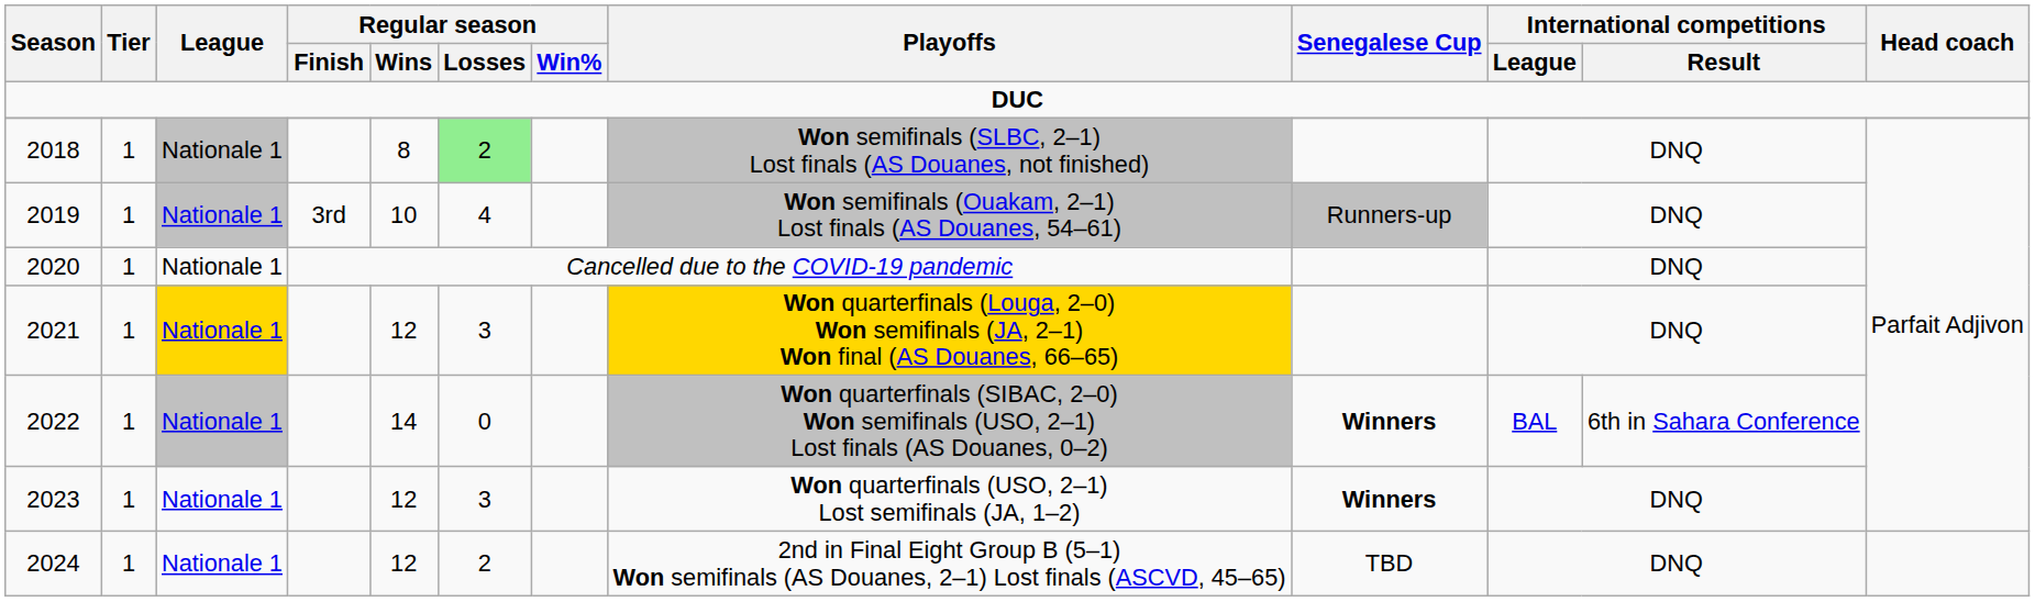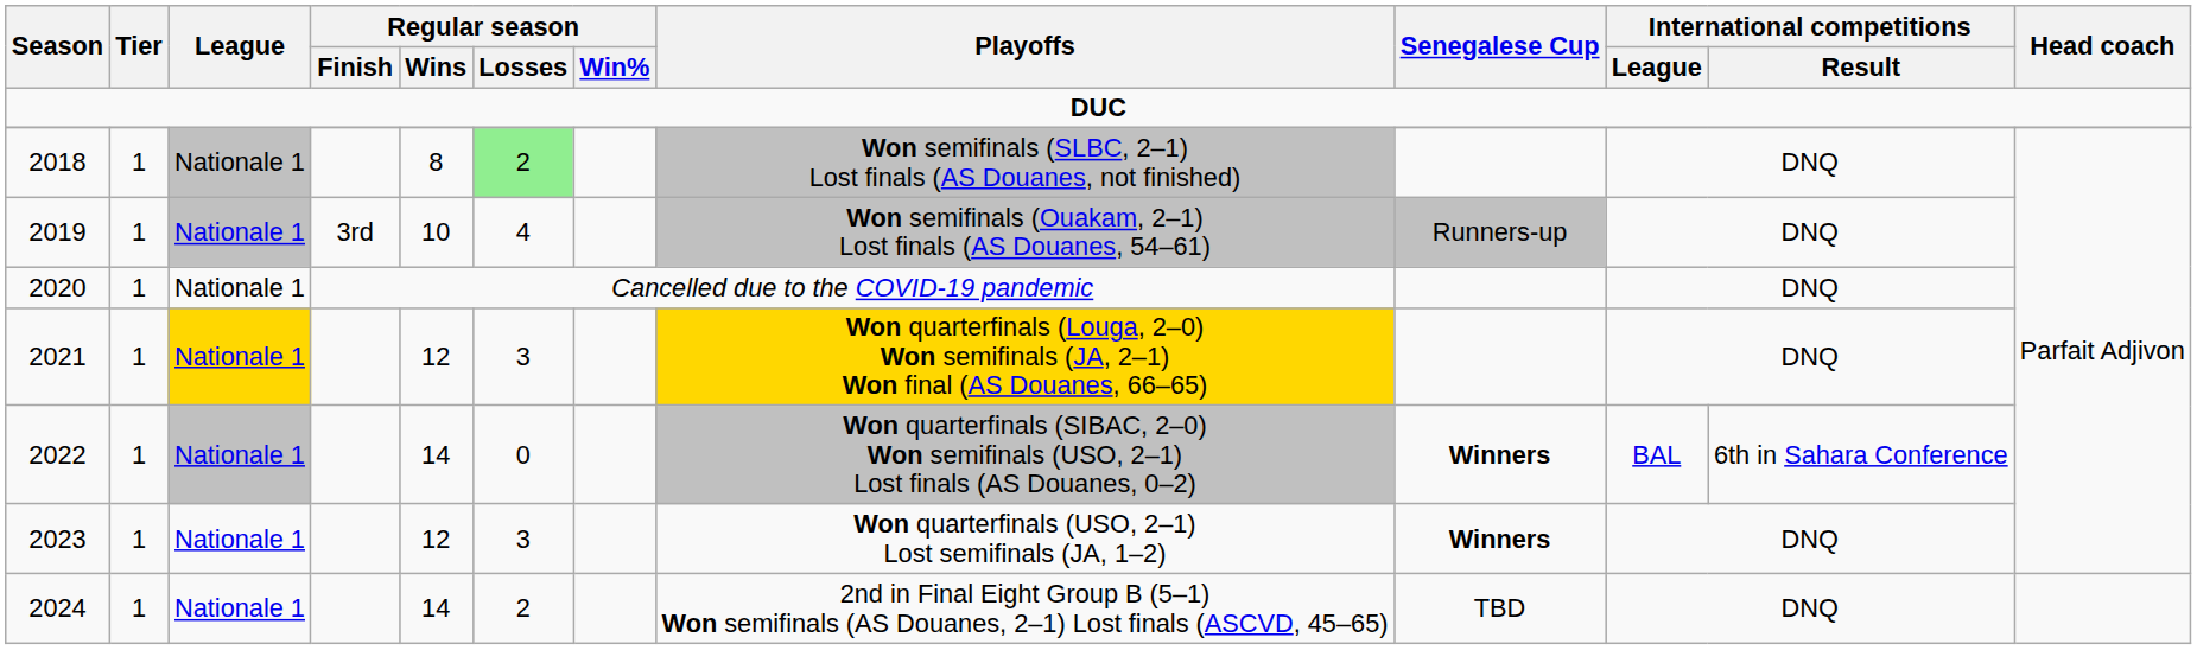 <table class="wikitable plainrowheaders" style="text-align:center; font-size:90%" summary="Season (sortable), Team, Conference, Conference finish (sortable), Division, Division finish (sortable), Wins (sortable), Losses (sortable), Win% (sortable), GB (sortable), Playoffs, Awards and Head coach">
 <tr>
 <th scope="col" rowspan=2>Season</th>
 <th scope="col" rowspan=2>Tier</th>
 <th scope="col" rowspan=2>League</th>
 <th colspan="4" scope="col">Regular season</th>
 <th scope="col" rowspan=2>Playoffs</th>
 <th scope="col" rowspan=2><a href='#'>Senegalese Cup</a></th>
 <th scope="col" colspan=2>International competitions</th>
 <th scope="col" rowspan=2>Head coach</th>
 </tr>
 <tr>
 <th scope="col">Finish</th>
 <th scope="col">Wins</th>
 <th scope="col">Losses</th>
 <th scope="col"><a href='#'>Win%</a></th>
 <th scope="col">League</th>
 <th scope="col">Result</th>
 </tr>
 <tr class="sortbottom">
 <td colspan="14" class=unsortable align=center><strong>DUC</strong></td>
 </tr>
 <tr>
 </tr>
 <tr>
 <td>2018</td>
 <td>1</td>
 <td bgcolor=silver>Nationale 1</td>
 <td></td>
 <td>8</td>
 <td style="background: lightgreen;">2</td>
 <td></td>
 <td bgcolor=silver><strong>Won</strong> semifinals (<a href='#'>SLBC</a>, 2–1)<br>Lost finals (<a href='#'>AS Douanes</a>, not finished)</td>
 <td></td>
 <td colspan=2>DNQ</td>
 <td rowspan="6">Parfait Adjivon</td>
 </tr>
 <tr>
 <td>2019</td>
 <td>1</td>
 <td bgcolor=silver><a href='#'>Nationale 1</a></td>
 <td>3rd</td>
 <td>10</td>
 <td>4</td>
 <td></td>
 <td bgcolor=silver><strong>Won</strong> semifinals (<a href='#'>Ouakam</a>, 2–1)<br>Lost finals (<a href='#'>AS Douanes</a>, 54–61)</td>
 <td bgcolor=silver>Runners-up</td>
 <td colspan=2>DNQ</td>
 </tr>
 <tr>
 <td>2020</td>
 <td>1</td>
 <td>Nationale 1</td>
 <td colspan="5"><em>Cancelled due to the <a href='#'>COVID-19 pandemic</a></em></td>
 <td></td>
 <td colspan=2>DNQ</td>
 </tr>
 <tr>
 <td>2021</td>
 <td>1</td>
 <td bgcolor=gold><a href='#'>Nationale 1</a></td>
 <td></td>
 <td>12</td>
 <td>3</td>
 <td></td>
 <td bgcolor=gold><strong>Won</strong> quarterfinals (<a href='#'>Louga</a>, 2–0)<br><strong>Won</strong> semifinals (<a href='#'>JA</a>, 2–1)<br><strong>Won</strong> final (<a href='#'>AS Douanes</a>, 66–65)</td>
 <td></td>
 <td colspan=2>DNQ</td>
 </tr>
 <tr>
 <td>2022</td>
 <td>1</td>
 <td bgcolor=silver><a href='#'>Nationale 1</a></td>
 <td></td>
 <td>14</td>
 <td>0</td>
 <td></td>
 <td bgcolor=silver><strong>Won</strong> quarterfinals (SIBAC, 2–0)<br><strong>Won</strong> semifinals (USO, 2–1)<br>Lost finals (AS Douanes, 0–2)</td>
 <td><strong>Winners</strong></td>
 <td><a href='#'>BAL</a></td>
 <td>6th in <a href='#'>Sahara Conference</a></td>
 </tr>
 <tr>
 <td>2023</td>
 <td>1</td>
 <td><a href='#'>Nationale 1</a></td>
 <td></td>
 <td>12</td>
 <td>3</td>
 <td></td>
 <td><strong>Won</strong> quarterfinals (USO, 2–1)<br>Lost semifinals (JA, 1–2)</td>
 <td><strong>Winners</strong></td>
 <td colspan="2">DNQ</td>
 </tr>
 <tr>
 <td>2024</td>
 <td>1</td>
 <td><a href='#'>Nationale 1</a></td>
 <td></td>
-<td>12</td>
+<td>14</td>
 <td>2</td>
 <td></td>
 <td>2nd in Final Eight Group B (5–1)<br><strong>Won</strong> semifinals (AS Douanes, 2–1) Lost finals (<a href='#'>ASCVD</a>, 45–65)</td>
 <td>TBD</td>
 <td colspan="2">DNQ</td>
 <td></td>
 </tr>
 </table>
